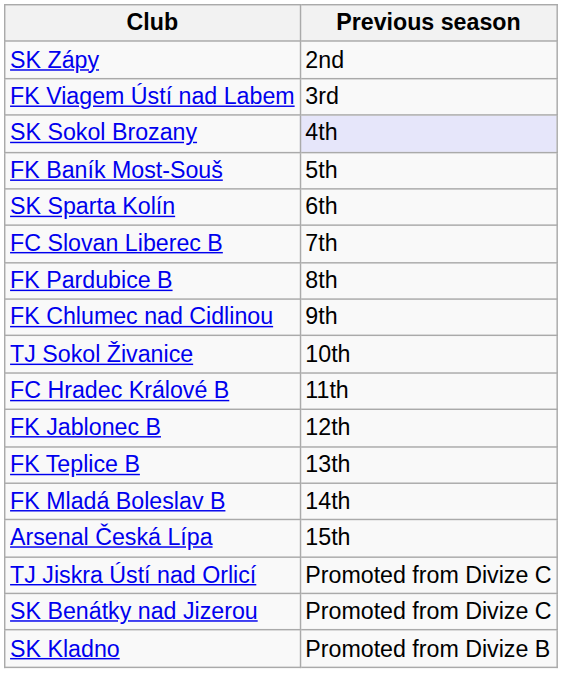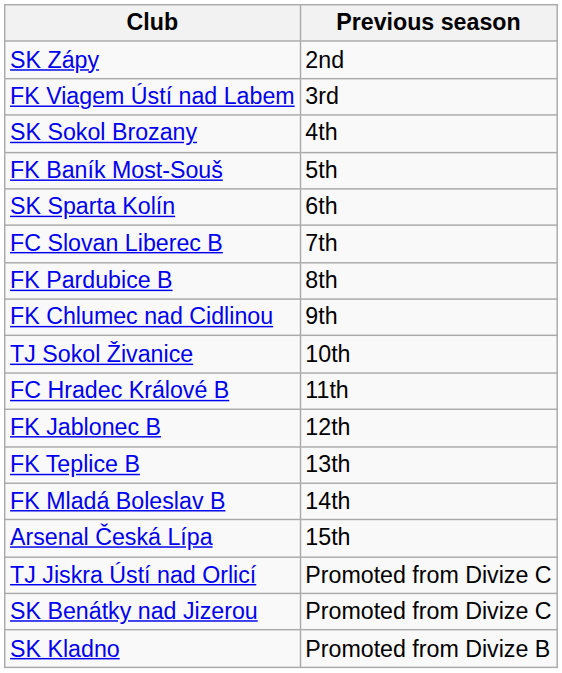 <table class="wikitable">
 <tr>
 <th>Club</th>
 <th>Previous season</th>
 </tr>
 <tr>
 <td><a href='#'>SK Zápy</a></td>
 <td>2nd</td>
 </tr>
 <tr>
 <td><a href='#'>FK Viagem Ústí nad Labem</a></td>
 <td>3rd</td>
 </tr>
 <tr>
 <td><a href='#'>SK Sokol Brozany</a></td>
-<td style="background: lavender;">4th</td>
+<td>4th</td>
 </tr>
 <tr>
 <td><a href='#'>FK Baník Most-Souš</a></td>
 <td>5th</td>
 </tr>
 <tr>
 <td><a href='#'>SK Sparta Kolín</a></td>
 <td>6th</td>
 </tr>
 <tr>
 <td><a href='#'>FC Slovan Liberec B</a></td>
 <td>7th</td>
 </tr>
 <tr>
 <td><a href='#'>FK Pardubice B</a></td>
 <td>8th</td>
 </tr>
 <tr>
 <td><a href='#'>FK Chlumec nad Cidlinou</a></td>
 <td>9th</td>
 </tr>
 <tr>
 <td><a href='#'>TJ Sokol Živanice</a></td>
 <td>10th</td>
 </tr>
 <tr>
 <td><a href='#'>FC Hradec Králové B</a></td>
 <td>11th</td>
 </tr>
 <tr>
 <td><a href='#'>FK Jablonec B</a></td>
 <td>12th</td>
 </tr>
 <tr>
 <td><a href='#'>FK Teplice B</a></td>
 <td>13th</td>
 </tr>
 <tr>
 <td><a href='#'>FK Mladá Boleslav B</a></td>
 <td>14th</td>
 </tr>
 <tr>
 <td><a href='#'>Arsenal Česká Lípa</a></td>
 <td>15th</td>
 </tr>
 <tr>
 <td><a href='#'>TJ Jiskra Ústí nad Orlicí</a></td>
 <td>Promoted from Divize C</td>
 </tr>
 <tr>
 <td><a href='#'>SK Benátky nad Jizerou</a></td>
 <td>Promoted from Divize C</td>
 </tr>
 <tr>
 <td><a href='#'>SK Kladno</a></td>
 <td>Promoted from Divize B</td>
 </tr>
 </table>
